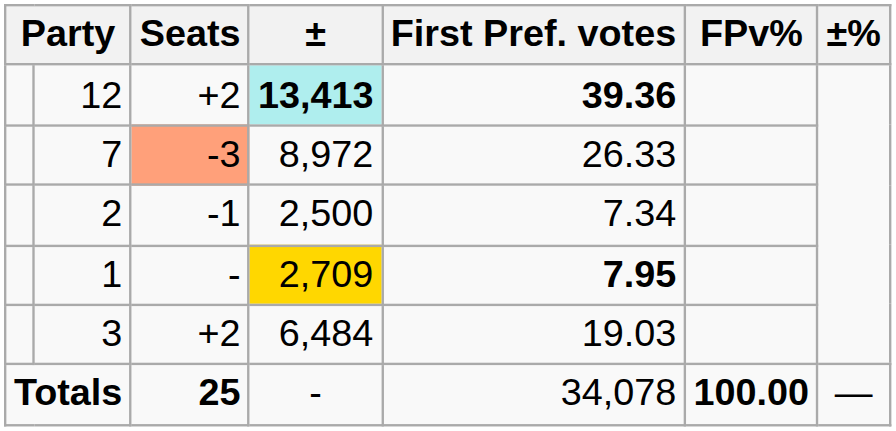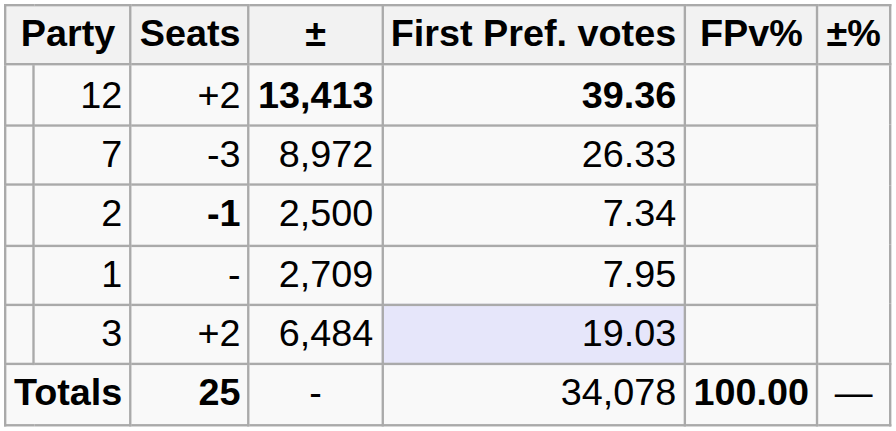 <table class=wikitable>
 <tr>
 <th colspan=2 align=center>Party</th>
 <th valign=top>Seats</th>
 <th valign=top>±</th>
 <th valign=top>First Pref. votes</th>
 <th valign=top>FPv%</th>
 <th valign=top>±%</th>
 </tr>
 <tr>
 <td></td>
 <td align=right>12</td>
 <td align=right>+2</td>
-<td align=right style="background: paleturquoise;"><strong>13,413</strong></td>
+<td align=right><strong>13,413</strong></td>
 <td align=right><strong>39.36</strong></td>
 <td align=right></td>
 </tr>
 <tr>
 <td></td>
 <td align=right>7</td>
-<td align=right style="background: lightsalmon;">-3</td>
+<td align=right>-3</td>
 <td align=right>8,972</td>
 <td align=right>26.33</td>
 <td align=right></td>
 </tr>
 <tr>
 <td></td>
 <td align=right>2</td>
-<td align=right>-1</td>
+<td align=right><strong>-1</strong></td>
 <td align=right>2,500</td>
 <td align=right>7.34</td>
 <td align=right></td>
 </tr>
 <tr>
 <td></td>
 <td align=right>1</td>
 <td align=right>-</td>
-<td align=right style="background: gold;">2,709</td>
-<td align=right><strong>7.95</strong></td>
+<td align=right>2,709</td>
+<td align=right>7.95</td>
 <td align=right></td>
 </tr>
 <tr>
 <td></td>
 <td align=right>3</td>
 <td align=right>+2</td>
 <td align=right>6,484</td>
-<td align=right>19.03</td>
+<td align=right style="background: lavender;">19.03</td>
 <td align=right></td>
 </tr>
 <tr>
 <td colspan=2 align=center><strong>Totals</strong></td>
 <td align=right><strong>25</strong></td>
 <td align=center>-</td>
 <td align=right>34,078</td>
 <td align=center><strong>100.00</strong></td>
 <td align=center>—</td>
 </tr>
 </table>
